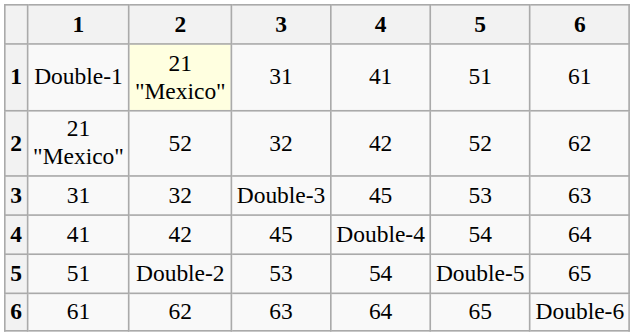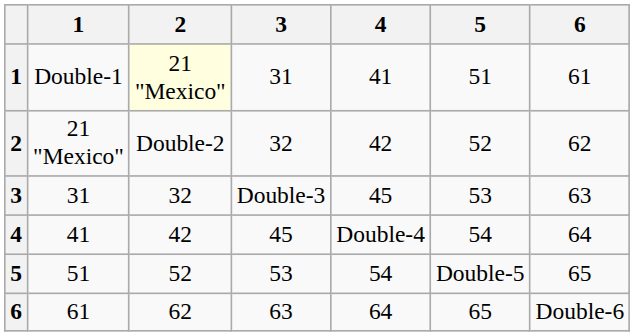 <table class="wikitable floatright" style="text-align:center;font-size:90%">
 <tr>
 <th></th>
 <th>1 </th>
 <th>2 </th>
 <th>3 </th>
 <th>4 </th>
 <th>5 </th>
 <th>6 </th>
 </tr>
 <tr>
 <th>1 </th>
 <td>Double-1</td>
 <td style="background: lightyellow;">21<br>"Mexico"</td>
 <td>31</td>
 <td>41</td>
 <td>51</td>
 <td>61</td>
 </tr>
 <tr>
 <th>2 </th>
 <td>21<br>"Mexico"</td>
-<td>52</td>
+<td>Double-2</td>
 <td>32</td>
 <td>42</td>
 <td>52</td>
 <td>62</td>
 </tr>
 <tr>
 <th>3 </th>
 <td>31</td>
 <td>32</td>
 <td>Double-3</td>
 <td>45</td>
 <td>53</td>
 <td>63</td>
 </tr>
 <tr>
 <th>4 </th>
 <td>41</td>
 <td>42</td>
 <td>45</td>
 <td>Double-4</td>
 <td>54</td>
 <td>64</td>
 </tr>
 <tr>
 <th>5 </th>
 <td>51</td>
-<td>Double-2</td>
+<td>52</td>
 <td>53</td>
 <td>54</td>
 <td>Double-5</td>
 <td>65</td>
 </tr>
 <tr>
 <th>6 </th>
 <td>61</td>
 <td>62</td>
 <td>63</td>
 <td>64</td>
 <td>65</td>
 <td>Double-6</td>
 </tr>
 </table>
